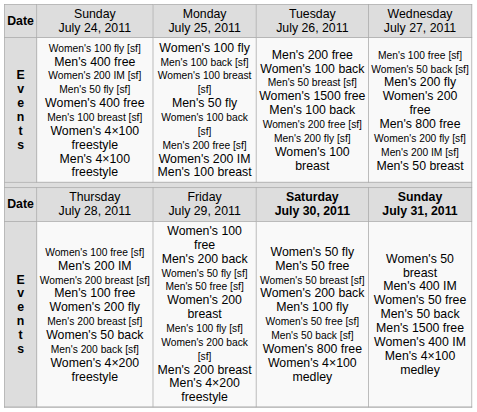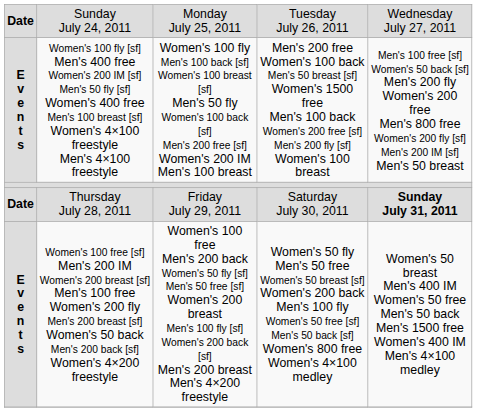 <table class=wikitable style="text-align:center">
 <tr bgcolor=#DDDDDD>
 <td><strong>Date</strong></td>
 <td>Sunday <br> July 24, 2011</td>
 <td>Monday <br> July 25, 2011</td>
 <td>Tuesday <br> July 26, 2011</td>
 <td>Wednesday <br> July 27, 2011</td>
 </tr>
 <tr>
 <td bgcolor=#DDDDDD><strong>E<br> v<br> e<br> n<br> t<br> s</strong></td>
 <td><small>Women's 100 fly [sf] <br></small> Men's 400 free <small><br> Women's 200 IM [sf] <br> Men's 50 fly [sf] <br></small> Women's 400 free <small><br> Men's 100 breast [sf] <br></small> Women's 4×100 freestyle <br> Men's 4×100 freestyle</td>
 <td>Women's 100 fly <small><br> Men's 100 back [sf] <br> Women's 100 breast [sf] <br></small> Men's 50 fly <small><br> Women's 100 back [sf] <br> Men's 200 free [sf] <br></small> Women's 200 IM <br> Men's 100 breast</td>
 <td>Men's 200 free <br> Women's 100 back <small><br> Men's 50 breast [sf] <br></small> Women's 1500 free <br> Men's 100 back <small><br> Women's 200 free [sf] <br> Men's 200 fly [sf] <br></small> Women's 100 breast</td>
 <td><small>Men's 100 free [sf] <br> Women's 50 back [sf] <br></small> Men's 200 fly <br> Women's 200 free <br> Men's 800 free <small><br> Women's 200 fly [sf] <br> Men's 200 IM [sf] <br></small> Men's 50 breast</td>
 </tr>
 <tr>
 <td bgcolor=#DDDDDD colspan=7></td>
 </tr>
 <tr bgcolor=#DDDDDD>
 <td><strong>Date</strong></td>
 <td>Thursday <br> July 28, 2011</td>
 <td>Friday <br> July 29, 2011</td>
-<td><strong>Saturday <br> July 30, 2011</strong></td>
+<td>Saturday <br> July 30, 2011</td>
 <td><strong>Sunday <br> July 31, 2011</strong></td>
 </tr>
 <tr>
 <td bgcolor=#DDDDDD><strong>E<br> v<br> e<br> n<br> t<br> s</strong></td>
 <td><small>Women's 100 free [sf] <br></small> Men's 200 IM <small><br> Women's 200 breast [sf] <br></small> Men's 100 free <br> Women's 200 fly <small><br> Men's 200 breast [sf] <br></small> Women's 50 back <small><br> Men's 200 back [sf] <br></small> Women's 4×200 freestyle</td>
 <td>Women's 100 free <br> Men's 200 back <small><br> Women's 50 fly [sf]<br> Men's 50 free [sf]<br></small> Women's 200 breast<small><br> Men's 100 fly [sf]<br>Women's 200 back [sf]<br></small> Men's 200 breast <br> Men's 4×200 freestyle</td>
 <td>Women's 50 fly <br> Men's 50 free <small><br> Women's 50 breast [sf] <br></small> Women's 200 back <br> Men's 100 fly <small><br> Women's 50 free [sf] <br> Men's 50 back [sf] </small><br> Women's 800 free <br> Women's 4×100 medley</td>
 <td>Women's 50 breast <br> Men's 400 IM <br> Women's 50 free <br> Men's 50 back <br> Men's 1500 free <br> Women's 400 IM <br> Men's 4×100 medley</td>
 </tr>
 <tr>
 </tr>
 </table>
